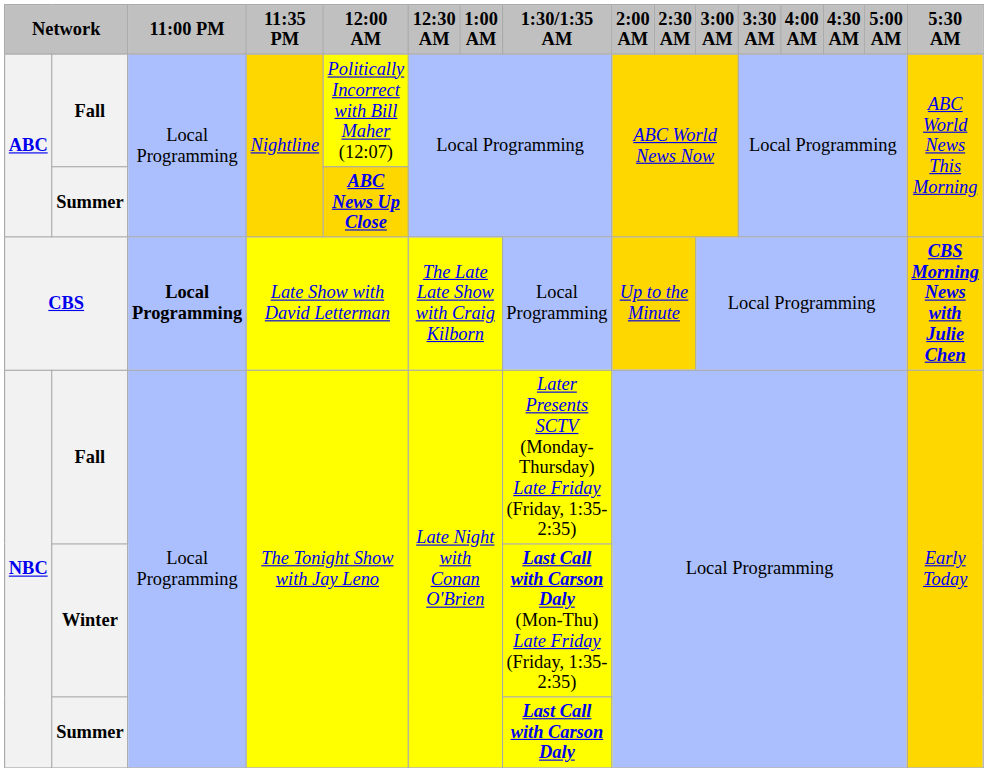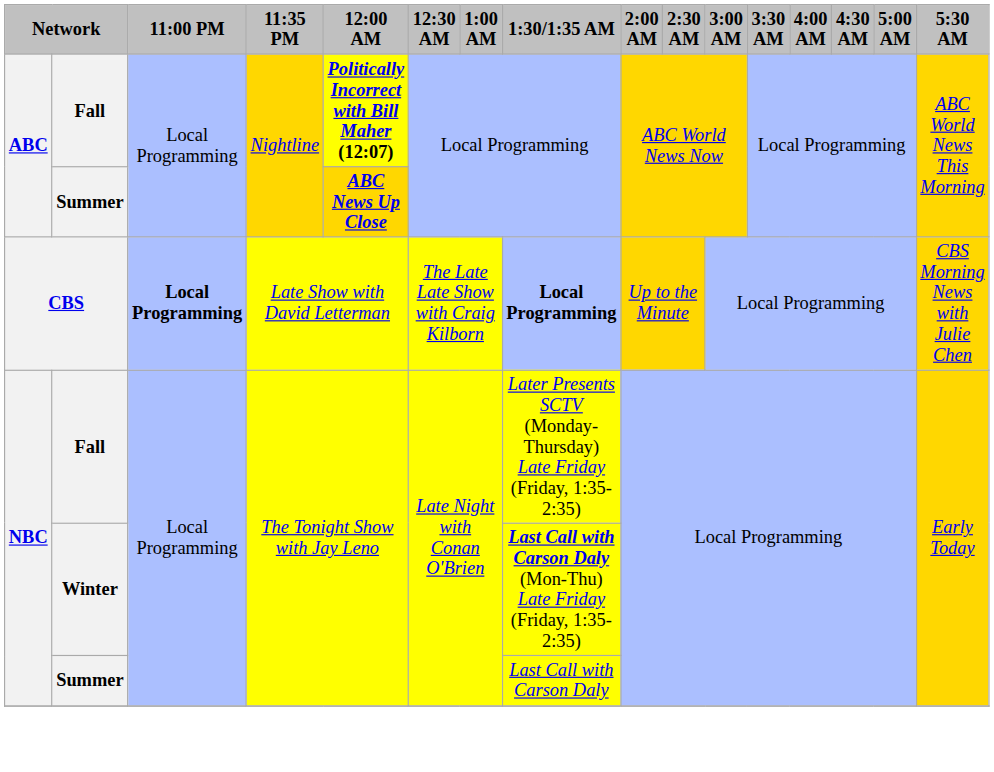 <table class="wikitable" style="width:100%;margin-right:0;text-align:center">
 <tr>
 <th colspan="2" style="background-color:#C0C0C0;text-align:center">Network</th>
 <th style="background-color:#C0C0C0;text-align:center">11:00 PM</th>
 <th style="background-color:#C0C0C0;text-align:center">11:35 PM</th>
 <th style="background-color:#C0C0C0;text-align:center">12:00 AM</th>
 <th style="background-color:#C0C0C0;text-align:center">12:30 AM</th>
 <th style="background-color:#C0C0C0;text-align:center">1:00 AM</th>
 <th style="background-color:#C0C0C0;text-align:center">1:30/1:35 AM</th>
 <th style="background-color:#C0C0C0;text-align:center">2:00 AM</th>
 <th style="background-color:#C0C0C0;text-align:center">2:30 AM</th>
 <th style="background-color:#C0C0C0;text-align:center">3:00 AM</th>
 <th style="background-color:#C0C0C0;text-align:center">3:30 AM</th>
 <th style="background-color:#C0C0C0;text-align:center">4:00 AM</th>
 <th style="background-color:#C0C0C0;text-align:center">4:30 AM</th>
 <th style="background-color:#C0C0C0;text-align:center">5:00 AM</th>
 <th style="background-color:#C0C0C0;text-align:center">5:30 AM</th>
 </tr>
 <tr>
 <th colspan="1" rowspan="2"><a href='#'>ABC</a></th>
 <th>Fall</th>
 <td colspan="1" rowspan="2" style="background:#abbfff">Local Programming</td>
 <td colspan="1" rowspan="2" style="background:gold"><em><a href='#'>Nightline</a></em></td>
-<td colspan="1" style="background:yellow"><em><a href='#'>Politically Incorrect with Bill Maher</a></em> (12:07)</td>
+<td colspan="1" style="background:yellow"><strong><em><a href='#'>Politically Incorrect with Bill Maher</a></em> (12:07)</strong></td>
 <td colspan="3" rowspan="2" style="background:#abbfff">Local Programming</td>
 <td colspan="3" rowspan="2" style="background:gold"><em><a href='#'>ABC World News Now</a></em></td>
 <td colspan="4" rowspan="2" style="background:#abbfff">Local Programming</td>
 <td colspan="1" rowspan="2" style="background:gold"><em><a href='#'>ABC World News This Morning</a></em></td>
 </tr>
 <tr>
 <th>Summer</th>
 <td colspan="1" style="background:gold"><strong><em><a href='#'>ABC News Up Close</a></em></strong></td>
 </tr>
 <tr>
 <th colspan="2"><a href='#'>CBS</a></th>
 <td colspan="1" style="background:#abbfff"><strong>Local Programming</strong></td>
 <td colspan="2" style="background:yellow"><em><a href='#'>Late Show with David Letterman</a></em></td>
 <td colspan="2" style="background:yellow"><em><a href='#'>The Late Late Show with Craig Kilborn</a></em></td>
-<td colspan="1" style="background:#abbfff">Local Programming</td>
+<td colspan="1" style="background:#abbfff"><strong>Local Programming</strong></td>
 <td colspan="2" style="background:gold"><em><a href='#'>Up to the Minute</a></em></td>
 <td colspan="5" style="background:#abbfff">Local Programming</td>
-<td colspan="1" style="background:gold"><strong><em><a href='#'>CBS Morning News with Julie Chen</a></em></strong></td>
+<td colspan="1" style="background:gold"><em><a href='#'>CBS Morning News with Julie Chen</a></em></td>
 </tr>
 <tr>
 <th colspan="1" rowspan="3"><a href='#'>NBC</a></th>
 <th>Fall</th>
 <td colspan="1" rowspan="3" style="background:#abbfff">Local Programming</td>
 <td colspan="2" rowspan="3" style="background:yellow"><em><a href='#'>The Tonight Show with Jay Leno</a></em></td>
 <td colspan="2" rowspan="3" style="background:yellow"><em><a href='#'>Late Night with Conan O'Brien</a></em></td>
 <td colspan="1" style="background:yellow"><em><a href='#'>Later Presents SCTV</a></em> (Monday-Thursday) <br> <em><a href='#'>Late Friday</a></em> (Friday, 1:35-2:35)</td>
 <td colspan="7" rowspan="3" style="background:#abbfff">Local Programming</td>
 <td colspan="1" rowspan="3" style="background:gold"><em><a href='#'>Early Today</a></em></td>
 </tr>
 <tr>
 <th>Winter</th>
 <td colspan="1" style="background:yellow"><strong><em><a href='#'>Last Call with Carson Daly</a></em></strong> <br>(Mon-Thu) <br> <em><a href='#'>Late Friday</a></em> <br>(Friday, 1:35-2:35)</td>
 </tr>
 <tr>
 <th>Summer</th>
-<td colspan="1" style="background:yellow"><strong><em><a href='#'>Last Call with Carson Daly</a></em></strong></td>
+<td colspan="1" style="background:yellow"><em><a href='#'>Last Call with Carson Daly</a></em></td>
 </tr>
 <tr>
 </tr>
 </table>
